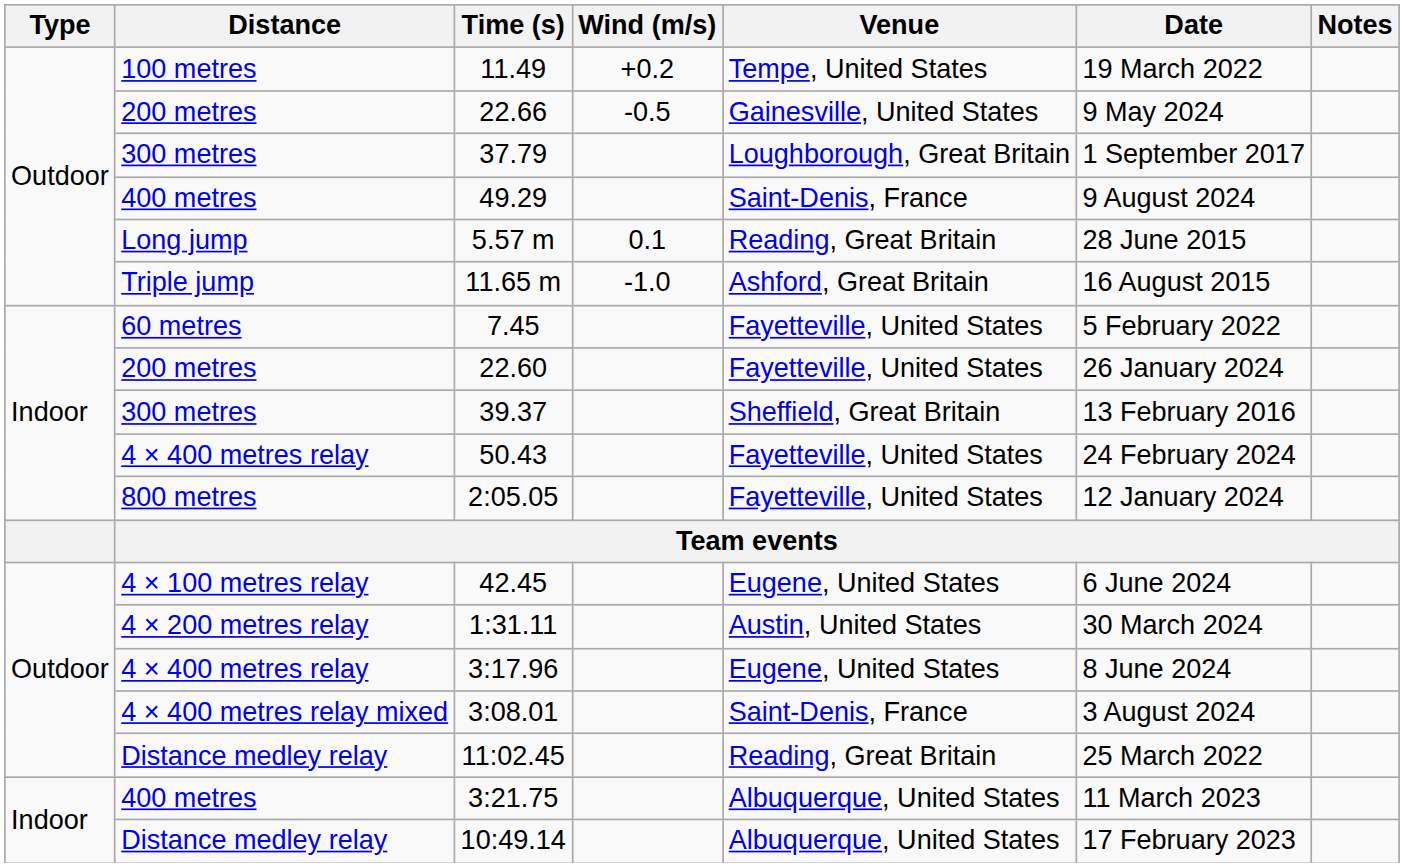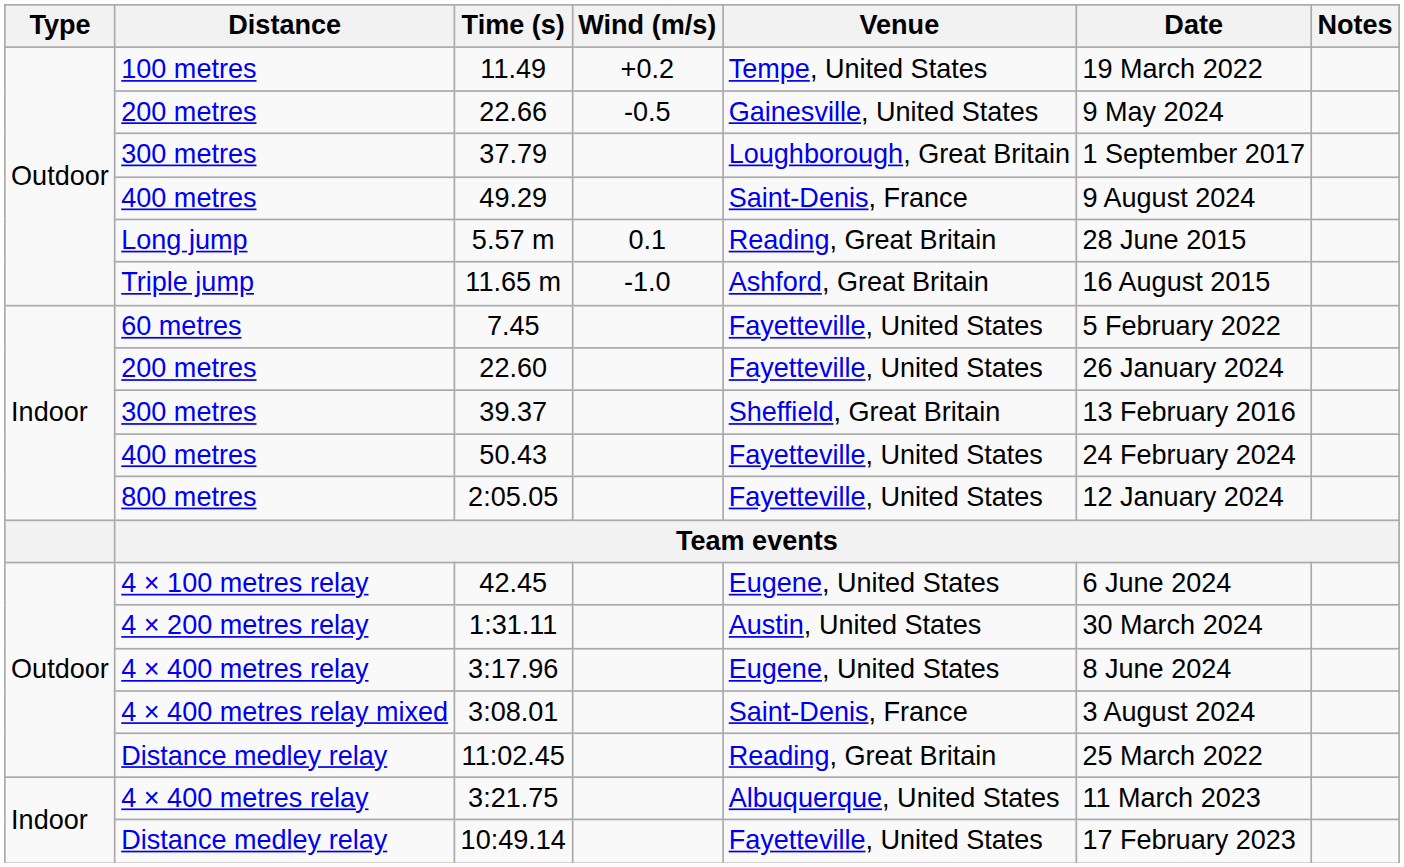 <table class="wikitable sortable" style="text-align:left">
 <tr>
 <th>Type</th>
 <th>Distance</th>
 <th>Time (s)</th>
 <th>Wind (m/s)</th>
 <th>Venue</th>
 <th>Date</th>
 <th>Notes</th>
 </tr>
 <tr>
 <td rowspan="6">Outdoor</td>
 <td><a href='#'>100 metres</a></td>
 <td align="center">11.49</td>
 <td align="center">+0.2</td>
 <td><a href='#'>Tempe</a>, United States</td>
 <td>19 March 2022</td>
 <td></td>
 </tr>
 <tr>
 <td><a href='#'>200 metres</a></td>
 <td align="center">22.66</td>
 <td align="center">-0.5</td>
 <td><a href='#'>Gainesville</a>, United States</td>
 <td>9 May 2024</td>
 <td></td>
 </tr>
 <tr>
 <td><a href='#'>300 metres</a></td>
 <td align="center">37.79</td>
 <td></td>
 <td><a href='#'>Loughborough</a>, Great Britain</td>
 <td>1 September 2017</td>
 <td></td>
 </tr>
 <tr>
 <td><a href='#'>400 metres</a></td>
 <td align="center">49.29</td>
 <td></td>
 <td><a href='#'>Saint-Denis</a>, France</td>
 <td>9 August 2024</td>
 <td align="center"></td>
 </tr>
 <tr>
 <td><a href='#'>Long jump</a></td>
 <td align="center">5.57 m</td>
 <td align="center">0.1</td>
 <td><a href='#'>Reading</a>, Great Britain</td>
 <td>28 June 2015</td>
 <td></td>
 </tr>
 <tr>
 <td><a href='#'>Triple jump</a></td>
 <td align="center">11.65 m</td>
 <td align="center">-1.0</td>
 <td><a href='#'>Ashford</a>, Great Britain</td>
 <td>16 August 2015</td>
 <td></td>
 </tr>
 <tr>
 <td rowspan="5">Indoor</td>
 <td><a href='#'>60 metres</a></td>
 <td align="center">7.45</td>
 <td></td>
 <td><a href='#'>Fayetteville</a>, United States</td>
 <td>5 February 2022</td>
 <td></td>
 </tr>
 <tr>
 <td><a href='#'>200 metres</a> </td>
 <td align="center">22.60</td>
 <td></td>
 <td><a href='#'>Fayetteville</a>, United States</td>
 <td>26 January 2024</td>
 <td></td>
 </tr>
 <tr>
 <td><a href='#'>300 metres</a> </td>
 <td align="center">39.37</td>
 <td></td>
 <td><a href='#'>Sheffield</a>, Great Britain</td>
 <td>13 February 2016</td>
 <td></td>
 </tr>
 <tr>
-<td><a href='#'>4 × 400 metres relay</a> </td>
+<td><a href='#'>400 metres</a> </td>
 <td align="center">50.43</td>
 <td></td>
 <td><a href='#'>Fayetteville</a>, United States</td>
 <td>24 February 2024</td>
 <td></td>
 </tr>
 <tr>
 <td><a href='#'>800 metres</a> </td>
 <td align="center">2:05.05</td>
 <td></td>
 <td><a href='#'>Fayetteville</a>, United States</td>
 <td>12 January 2024</td>
 <td></td>
 </tr>
 <tr>
 <th></th>
 <th colspan="6">Team events</th>
 </tr>
 <tr>
 <td rowspan="5">Outdoor</td>
 <td><a href='#'>4 × 100 metres relay</a></td>
 <td align="center">42.45</td>
 <td></td>
 <td><a href='#'>Eugene</a>, United States</td>
 <td>6 June 2024</td>
 <td></td>
 </tr>
 <tr>
 <td><a href='#'>4 × 200 metres relay</a></td>
 <td align="center">1:31.11</td>
 <td></td>
 <td><a href='#'>Austin</a>, United States</td>
 <td>30 March 2024</td>
 <td></td>
 </tr>
 <tr>
 <td><a href='#'>4 × 400 metres relay</a></td>
 <td align="center">3:17.96</td>
 <td></td>
 <td><a href='#'>Eugene</a>, United States</td>
 <td>8 June 2024</td>
 <td></td>
 </tr>
 <tr>
 <td><a href='#'>4 × 400 metres relay mixed</a></td>
 <td align="center">3:08.01</td>
 <td></td>
 <td><a href='#'>Saint-Denis</a>, France</td>
 <td>3 August 2024</td>
 <td align="center"></td>
 </tr>
 <tr>
 <td><a href='#'>Distance medley relay</a></td>
 <td align="center">11:02.45</td>
 <td></td>
 <td><a href='#'>Reading</a>, Great Britain</td>
 <td>25 March 2022</td>
 <td></td>
 </tr>
 <tr>
 <td rowspan="2">Indoor</td>
-<td><a href='#'>400 metres</a> </td>
+<td><a href='#'>4 × 400 metres relay</a> </td>
 <td align="center">3:21.75</td>
 <td></td>
 <td><a href='#'>Albuquerque</a>, United States</td>
 <td>11 March 2023</td>
 <td></td>
 </tr>
 <tr>
 <td><a href='#'>Distance medley relay</a> </td>
 <td align="center">10:49.14</td>
 <td></td>
-<td><a href='#'>Albuquerque</a>, United States</td>
+<td><a href='#'>Fayetteville</a>, United States</td>
 <td>17 February 2023</td>
 <td></td>
 </tr>
 </table>
